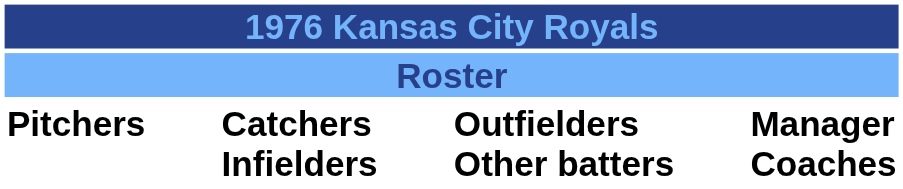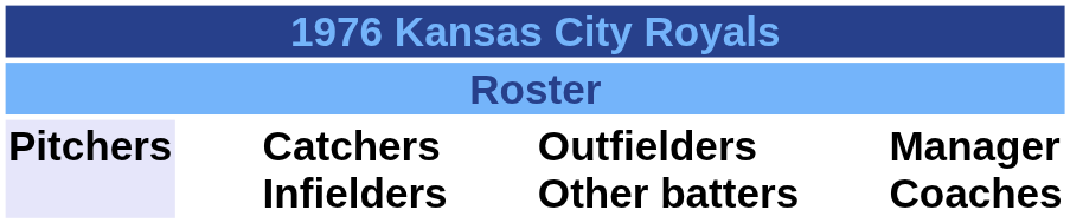 <table class="toccolours" style="font-size: 95%;">
 <tr>
 <th colspan="10" style="background-color: #27408B; color: #74B4FA; text-align: center;">1976 Kansas City Royals</th>
 </tr>
 <tr>
 <td colspan="10" style="background-color: #74B4FA; color: #27408B; text-align: center;"><strong>Roster</strong></td>
 </tr>
 <tr>
-<td valign="top"><strong>Pitchers</strong><br>                </td>
+<td valign="top" style="background: lavender;"><strong>Pitchers</strong><br>                </td>
 <td width="25px"></td>
 <td valign="top"><strong>Catchers</strong><br>    <strong>Infielders</strong>        </td>
 <td width="25px"></td>
 <td valign="top"><strong>Outfielders</strong><br>       <strong>Other batters</strong> </td>
 <td width="25px"></td>
 <td valign="top"><strong>Manager</strong><br> <strong>Coaches</strong>    </td>
 </tr>
 <tr>
 </tr>
 </table>
